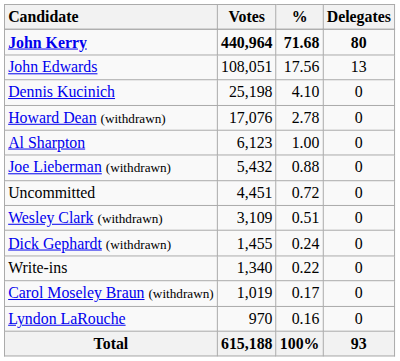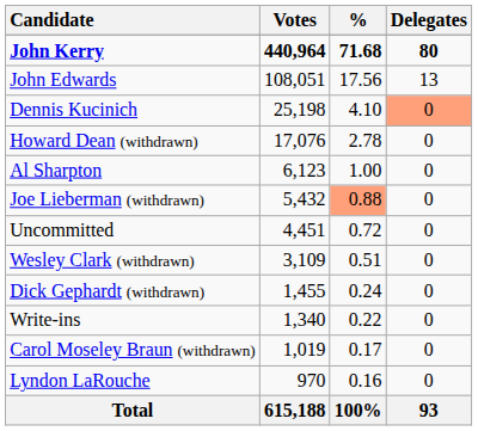 <table class="wikitable sortable plainrowheaders" style="text-align:right;">
 <tr>
 <th style="text-align:left;">Candidate</th>
 <th>Votes</th>
 <th>%</th>
 <th>Delegates</th>
 </tr>
 <tr>
 </tr>
 <tr>
 <td style="text-align:left;"><strong><a href='#'>John Kerry</a></strong></td>
 <td><strong>440,964</strong></td>
 <td><strong>71.68</strong></td>
 <td style="text-align:center;"><strong>80</strong></td>
 </tr>
 <tr>
 <td style="text-align:left;"><a href='#'>John Edwards</a></td>
 <td>108,051</td>
 <td>17.56</td>
 <td style="text-align:center;">13</td>
 </tr>
 <tr>
 <td style="text-align:left;"><a href='#'>Dennis Kucinich</a></td>
 <td>25,198</td>
 <td>4.10</td>
-<td style="text-align:center;">0</td>
+<td style="background: lightsalmon; text-align:center;">0</td>
 </tr>
 <tr>
 <td style="text-align:left;"><a href='#'>Howard Dean</a> <small>(withdrawn)</small></td>
 <td>17,076</td>
 <td>2.78</td>
 <td style="text-align:center;">0</td>
 </tr>
 <tr>
 <td style="text-align:left;"><a href='#'>Al Sharpton</a></td>
 <td>6,123</td>
 <td>1.00</td>
 <td style="text-align:center;">0</td>
 </tr>
 <tr>
 <td style="text-align:left;"><a href='#'>Joe Lieberman</a> <small>(withdrawn)</small></td>
 <td>5,432</td>
-<td>0.88</td>
+<td style="background: lightsalmon;">0.88</td>
 <td style="text-align:center;">0</td>
 </tr>
 <tr>
 <td style="text-align:left;">Uncommitted</td>
 <td>4,451</td>
 <td>0.72</td>
 <td style="text-align:center;">0</td>
 </tr>
 <tr>
 <td style="text-align:left;"><a href='#'>Wesley Clark</a> <small>(withdrawn)</small></td>
 <td>3,109</td>
 <td>0.51</td>
 <td style="text-align:center;">0</td>
 </tr>
 <tr>
 <td style="text-align:left;"><a href='#'>Dick Gephardt</a> <small>(withdrawn)</small></td>
 <td>1,455</td>
 <td>0.24</td>
 <td style="text-align:center;">0</td>
 </tr>
 <tr>
 <td style="text-align:left;">Write-ins</td>
 <td>1,340</td>
 <td>0.22</td>
 <td style="text-align:center;">0</td>
 </tr>
 <tr>
 <td style="text-align:left;"><a href='#'>Carol Moseley Braun</a> <small>(withdrawn)</small></td>
 <td>1,019</td>
 <td>0.17</td>
 <td style="text-align:center;">0</td>
 </tr>
 <tr>
 <td style="text-align:left;"><a href='#'>Lyndon LaRouche</a></td>
 <td>970</td>
 <td>0.16</td>
 <td style="text-align:center;">0</td>
 </tr>
 <tr class="sortbottom">
 <th>Total</th>
 <th>615,188</th>
 <th>100%</th>
 <th>93</th>
 </tr>
 </table>
